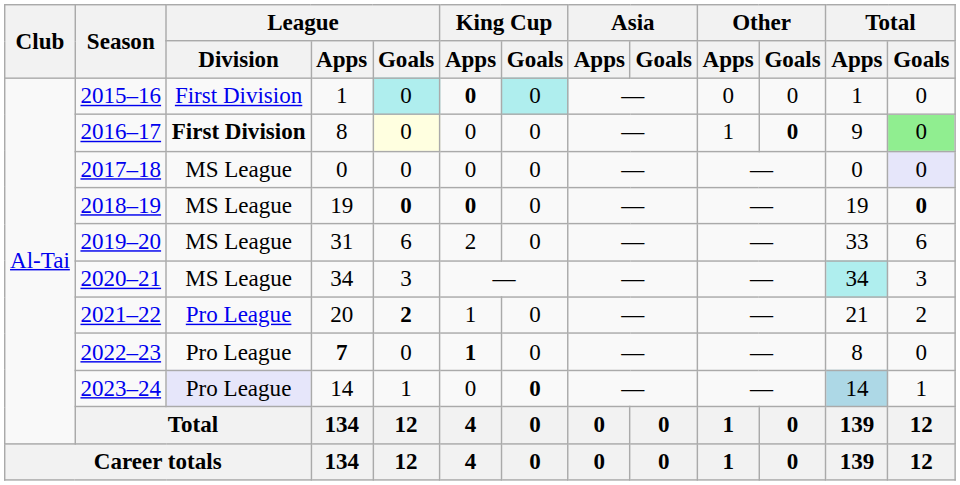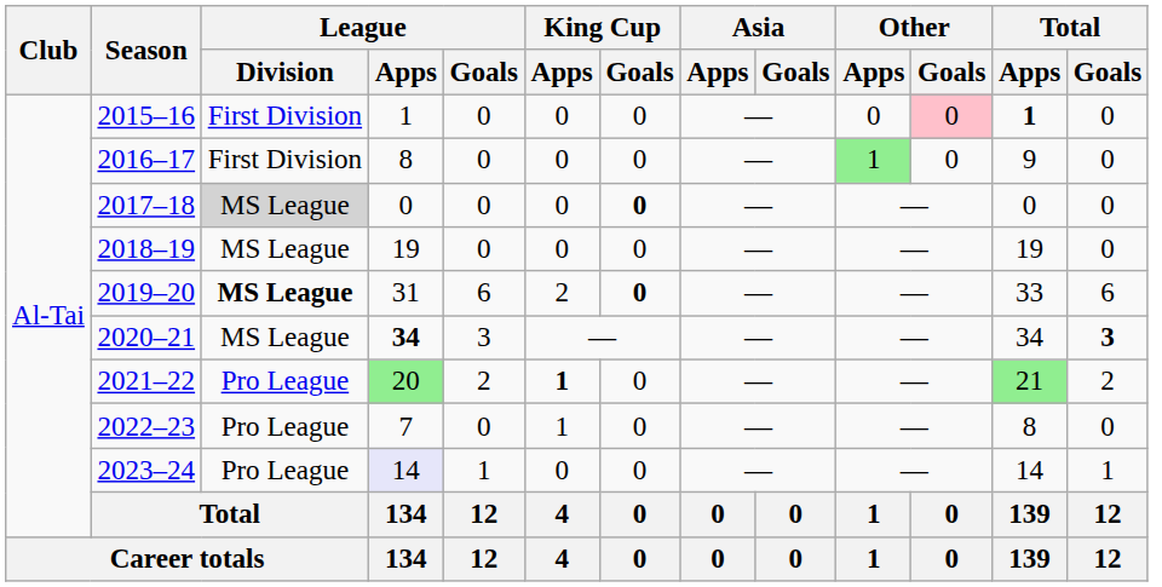 <table class="wikitable" style="text-align: center">
 <tr>
 <th rowspan=2>Club</th>
 <th rowspan=2>Season</th>
 <th colspan=3>League</th>
 <th colspan=2>King Cup</th>
 <th colspan=2>Asia</th>
 <th colspan=2>Other</th>
 <th colspan=2>Total</th>
 </tr>
 <tr>
 <th>Division</th>
 <th>Apps</th>
 <th>Goals</th>
 <th>Apps</th>
 <th>Goals</th>
 <th>Apps</th>
 <th>Goals</th>
 <th>Apps</th>
 <th>Goals</th>
 <th>Apps</th>
 <th>Goals</th>
 </tr>
 <tr>
 <td rowspan=10><a href='#'>Al-Tai</a></td>
 <td><a href='#'>2015–16</a></td>
 <td><a href='#'>First Division</a></td>
 <td>1</td>
-<td style="background: paleturquoise;">0</td>
-<td><strong>0</strong></td>
-<td style="background: paleturquoise;">0</td>
+<td>0</td>
+<td>0</td>
+<td>0</td>
 <td colspan=2>—</td>
 <td>0</td>
-<td>0</td>
-<td>1</td>
+<td style="background: pink;">0</td>
+<td><strong>1</strong></td>
 <td>0</td>
 </tr>
 <tr>
 <td><a href='#'>2016–17</a></td>
-<td><strong>First Division</strong></td>
+<td>First Division</td>
 <td>8</td>
-<td style="background: lightyellow;">0</td>
+<td>0</td>
 <td>0</td>
 <td>0</td>
 <td colspan=2>—</td>
-<td>1</td>
-<td><strong>0</strong></td>
+<td style="background: lightgreen;">1</td>
+<td>0</td>
 <td>9</td>
-<td style="background: lightgreen;">0</td>
+<td>0</td>
 </tr>
 <tr>
 <td><a href='#'>2017–18</a></td>
+<td style="background: lightgrey;">MS League</td>
+<td>0</td>
+<td>0</td>
+<td>0</td>
+<td><strong>0</strong></td>
+<td colspan=2>—</td>
+<td colspan=2>—</td>
+<td>0</td>
+<td>0</td>
+</tr>
+<tr>
+<td><a href='#'>2018–19</a></td>
 <td>MS League</td>
-<td>0</td>
+<td>19</td>
 <td>0</td>
 <td>0</td>
 <td>0</td>
 <td colspan=2>—</td>
 <td colspan=2>—</td>
+<td>19</td>
 <td>0</td>
-<td style="background: lavender;">0</td>
-</tr>
-<tr>
-<td><a href='#'>2018–19</a></td>
-<td>MS League</td>
-<td>19</td>
-<td><strong>0</strong></td>
-<td><strong>0</strong></td>
-<td>0</td>
-<td colspan=2>—</td>
-<td colspan=2>—</td>
-<td>19</td>
-<td><strong>0</strong></td>
 </tr>
 <tr>
 <td><a href='#'>2019–20</a></td>
-<td>MS League</td>
+<td><strong>MS League</strong></td>
 <td>31</td>
 <td>6</td>
 <td>2</td>
-<td>0</td>
+<td><strong>0</strong></td>
 <td colspan=2>—</td>
 <td colspan=2>—</td>
 <td>33</td>
 <td>6</td>
 </tr>
 <tr>
 <td><a href='#'>2020–21</a></td>
 <td>MS League</td>
-<td>34</td>
+<td><strong>34</strong></td>
 <td>3</td>
 <td colspan=2>—</td>
 <td colspan=2>—</td>
 <td colspan=2>—</td>
-<td style="background: paleturquoise;">34</td>
-<td>3</td>
+<td>34</td>
+<td><strong>3</strong></td>
 </tr>
 <tr>
 <td><a href='#'>2021–22</a></td>
 <td><a href='#'>Pro League</a></td>
-<td>20</td>
-<td><strong>2</strong></td>
-<td>1</td>
+<td style="background: lightgreen;">20</td>
+<td>2</td>
+<td><strong>1</strong></td>
 <td>0</td>
 <td colspan=2>—</td>
 <td colspan=2>—</td>
-<td>21</td>
+<td style="background: lightgreen;">21</td>
 <td>2</td>
 </tr>
 <tr>
 <td><a href='#'>2022–23</a></td>
 <td>Pro League</td>
-<td><strong>7</strong></td>
+<td>7</td>
 <td>0</td>
-<td><strong>1</strong></td>
+<td>1</td>
 <td>0</td>
 <td colspan=2>—</td>
 <td colspan=2>—</td>
 <td>8</td>
 <td>0</td>
 </tr>
 <tr>
 <td><a href='#'>2023–24</a></td>
-<td style="background: lavender;">Pro League</td>
-<td>14</td>
+<td>Pro League</td>
+<td style="background: lavender;">14</td>
 <td>1</td>
 <td>0</td>
-<td><strong>0</strong></td>
+<td>0</td>
 <td colspan=2>—</td>
 <td colspan=2>—</td>
-<td style="background: lightblue;">14</td>
+<td>14</td>
 <td>1</td>
 </tr>
 <tr>
 <th colspan="2">Total</th>
 <th>134</th>
 <th>12</th>
 <th>4</th>
 <th>0</th>
 <th>0</th>
 <th>0</th>
 <th>1</th>
 <th>0</th>
 <th>139</th>
 <th>12</th>
 </tr>
 <tr>
 <th colspan=3>Career totals</th>
 <th>134</th>
 <th>12</th>
 <th>4</th>
 <th>0</th>
 <th>0</th>
 <th>0</th>
 <th>1</th>
 <th>0</th>
 <th>139</th>
 <th>12</th>
 </tr>
 </table>
